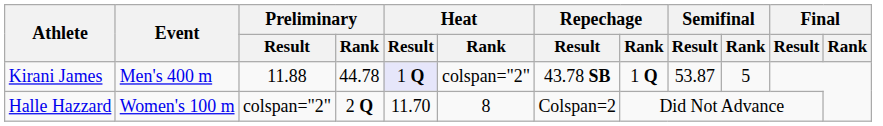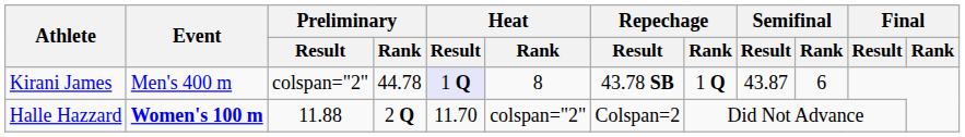 <table class="wikitable" style="font-size:90%">
 <tr>
 <th rowspan="2">Athlete</th>
 <th rowspan="2">Event</th>
 <th colspan="2">Preliminary</th>
 <th colspan="2">Heat</th>
 <th colspan="2">Repechage</th>
 <th colspan="2">Semifinal</th>
 <th colspan="2">Final</th>
 </tr>
 <tr style="font-size:95%">
 <th>Result</th>
 <th>Rank</th>
 <th>Result</th>
 <th>Rank</th>
 <th>Result</th>
 <th>Rank</th>
 <th>Result</th>
 <th>Rank</th>
 <th>Result</th>
 <th>Rank</th>
 </tr>
 <tr align=center>
 <td align=left><a href='#'>Kirani James</a></td>
 <td align=left><a href='#'>Men's 400 m</a></td>
-<td>11.88</td>
+<td>colspan="2" </td>
 <td>44.78</td>
 <td style="background: lavender;">1 <strong>Q</strong></td>
-<td>colspan="2" </td>
+<td>8</td>
 <td>43.78 <strong>SB</strong></td>
 <td>1 <strong>Q</strong></td>
-<td>53.87</td>
-<td>5</td>
+<td>43.87</td>
+<td>6</td>
 </tr>
 <tr align=center>
 <td align=left><a href='#'>Halle Hazzard</a></td>
-<td align=left><a href='#'>Women's 100 m</a></td>
-<td>colspan="2" </td>
+<td align=left><strong><a href='#'>Women's 100 m</a></strong></td>
+<td>11.88</td>
 <td>2 <strong>Q</strong></td>
 <td>11.70</td>
-<td>8</td>
+<td>colspan="2" </td>
 <td>Colspan=2</td>
 <td colspan=4>Did Not Advance</td>
 </tr>
 </table>
